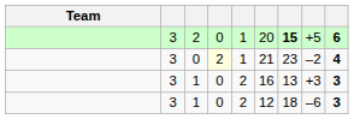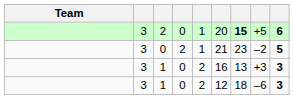 <table class="wikitable" style="text-align: center;">
 <tr>
 <th style="width:175px;">Team</th>
 <th width="20"></th>
 <th width="20"></th>
 <th width="20"></th>
 <th width="20"></th>
 <th width="20"></th>
 <th width="20"></th>
 <th width="20"></th>
 <th width="20"></th>
 </tr>
 <tr style="background:#cfc;">
 <td align=left></td>
 <td>3</td>
 <td>2</td>
 <td>0</td>
 <td>1</td>
 <td>20</td>
 <td><strong>15</strong></td>
 <td>+5</td>
 <td><strong>6</strong></td>
 </tr>
 <tr>
 <td align=left></td>
 <td>3</td>
 <td>0</td>
-<td style="background: lightyellow;">2</td>
+<td>2</td>
 <td>1</td>
 <td>21</td>
 <td>23</td>
 <td>–2</td>
-<td><strong>4</strong></td>
+<td><strong>5</strong></td>
 </tr>
 <tr>
 <td align=left></td>
 <td>3</td>
 <td>1</td>
 <td>0</td>
 <td>2</td>
 <td>16</td>
 <td>13</td>
 <td>+3</td>
 <td><strong>3</strong></td>
 </tr>
 <tr>
 <td align=left></td>
 <td>3</td>
 <td>1</td>
 <td>0</td>
 <td>2</td>
 <td>12</td>
 <td>18</td>
 <td>–6</td>
 <td><strong>3</strong></td>
 </tr>
 </table>
